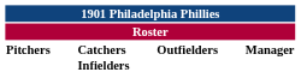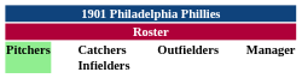 <table class="toccolours" style="font-size: 95%;">
 <tr>
 <th colspan="10" style="background-color: #0f437c; color: white; text-align: center;">1901 Philadelphia Phillies</th>
 </tr>
 <tr>
 <td colspan="10" style="background-color: #af0039; color: white; text-align: center;"><strong>Roster</strong></td>
 </tr>
 <tr>
-<td valign="top"><strong>Pitchers</strong><br>     </td>
+<td valign="top" style="background: lightgreen;"><strong>Pitchers</strong><br>     </td>
 <td width="25px"></td>
 <td valign="top"><strong>Catchers</strong><br>   <strong>Infielders</strong>       </td>
 <td width="25px"></td>
 <td valign="top"><strong>Outfielders</strong><br>    </td>
 <td width="25px"></td>
 <td valign="top"><strong>Manager</strong><br></td>
 </tr>
 </table>
